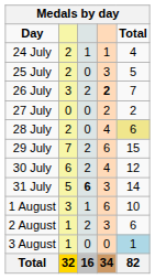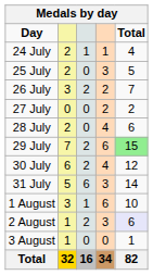 <table class="wikitable" style="font-size:85%; float:right">
 <tr align=center>
 <th colspan=5>Medals by day</th>
 </tr>
 <tr align=center>
 <td><strong>Day</strong></td>
 <td bgcolor=#f7f6a8></td>
 <td bgcolor=#dce5e5></td>
 <td bgcolor=#ffdab9></td>
 <td><strong>Total</strong></td>
 </tr>
 <tr align=center>
 <td>24 July</td>
 <td bgcolor=#f7f6a8>2</td>
 <td bgcolor=#dce5e5>1</td>
 <td bgcolor=#ffdab9>1</td>
 <td>4</td>
 </tr>
 <tr align=center>
 <td>25 July</td>
 <td bgcolor=#f7f6a8>2</td>
 <td bgcolor=#dce5e5>0</td>
 <td bgcolor=#ffdab9>3</td>
 <td>5</td>
 </tr>
 <tr align=center>
 <td>26 July</td>
 <td bgcolor=#f7f6a8>3</td>
 <td bgcolor=#dce5e5>2</td>
-<td bgcolor=#ffdab9><strong>2</strong></td>
+<td bgcolor=#ffdab9>2</td>
 <td>7</td>
 </tr>
 <tr align=center>
 <td>27 July</td>
 <td bgcolor=#f7f6a8>0</td>
 <td bgcolor=#dce5e5>0</td>
 <td bgcolor=#ffdab9>2</td>
 <td>2</td>
 </tr>
 <tr align=center>
 <td>28 July</td>
 <td bgcolor=#f7f6a8>2</td>
 <td bgcolor=#dce5e5>0</td>
 <td bgcolor=#ffdab9>4</td>
-<td style="background: khaki;">6</td>
+<td>6</td>
 </tr>
 <tr align=center>
 <td>29 July</td>
 <td bgcolor=#f7f6a8>7</td>
 <td bgcolor=#dce5e5>2</td>
 <td bgcolor=#ffdab9>6</td>
-<td>15</td>
+<td style="background: lightgreen;">15</td>
 </tr>
 <tr align=center>
 <td>30 July</td>
 <td bgcolor=#f7f6a8>6</td>
 <td bgcolor=#dce5e5>2</td>
 <td bgcolor=#ffdab9>4</td>
 <td>12</td>
 </tr>
 <tr align=center>
 <td>31 July</td>
 <td bgcolor=#f7f6a8>5</td>
-<td bgcolor=#dce5e5><strong>6</strong></td>
+<td bgcolor=#dce5e5>6</td>
 <td bgcolor=#ffdab9>3</td>
 <td>14</td>
 </tr>
 <tr align=center>
 <td>1 August</td>
 <td bgcolor=#f7f6a8>3</td>
 <td bgcolor=#dce5e5>1</td>
 <td bgcolor=#ffdab9>6</td>
 <td>10</td>
 </tr>
 <tr align=center>
 <td>2 August</td>
 <td bgcolor=#f7f6a8>1</td>
 <td bgcolor=#dce5e5>2</td>
 <td bgcolor=#ffdab9>3</td>
-<td>6</td>
+<td style="background: lavender;">6</td>
 </tr>
 <tr align=center>
 <td>3 August</td>
 <td bgcolor=#f7f6a8>1</td>
 <td bgcolor=#dce5e5>0</td>
 <td bgcolor=#ffdab9>0</td>
-<td style="background: lightblue;">1</td>
+<td>1</td>
 </tr>
 <tr align=center>
 <th bgcolor=#efefef>Total</th>
 <th style="background:gold;">32</th>
 <th style="background:silver;">16</th>
 <th style="background:#c96;">34</th>
 <th>82</th>
 </tr>
 </table>
